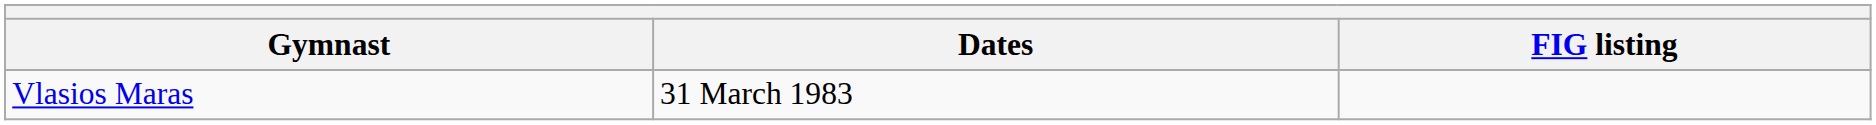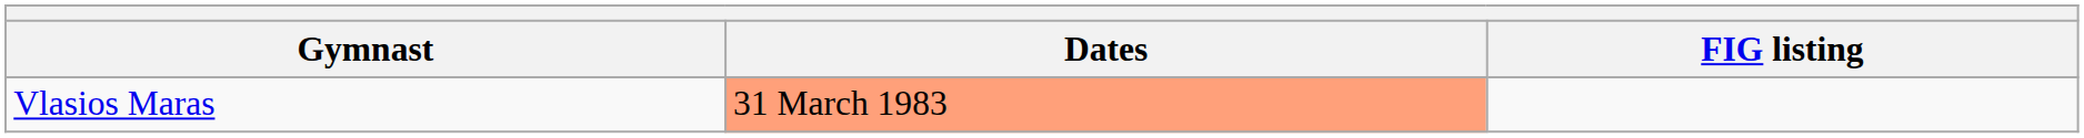 <table class="wikitable mw-collapsible mw-collapsed" width="75%">
 <tr>
 <th colspan="3"></th>
 </tr>
 <tr>
 <th>Gymnast</th>
 <th>Dates</th>
 <th><a href='#'>FIG</a> listing</th>
 </tr>
 <tr>
 <td><a href='#'>Vlasios Maras</a></td>
-<td>31 March 1983</td>
+<td style="background: lightsalmon;">31 March 1983</td>
 <td></td>
 </tr>
 </table>
